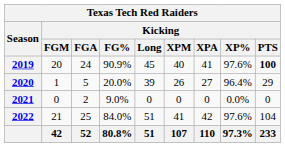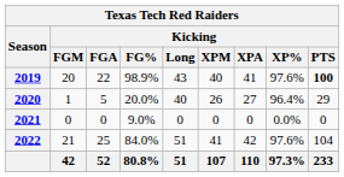 <table class="wikitable" style="text-align:center;">
 <tr>
 <th colspan="9">Texas Tech Red Raiders</th>
 </tr>
 <tr>
 <th rowspan="2">Season</th>
 <th colspan="8">Kicking</th>
 </tr>
 <tr>
 <th>FGM</th>
 <th>FGA</th>
 <th>FG%</th>
 <th>Long</th>
 <th>XPM</th>
 <th>XPA</th>
 <th>XP%</th>
 <th>PTS</th>
 </tr>
 <tr>
 <th><a href='#'>2019</a></th>
 <td>20</td>
-<td>24</td>
-<td>90.9%</td>
-<td>45</td>
+<td>22</td>
+<td>98.9%</td>
+<td>43</td>
 <td>40</td>
 <td>41</td>
 <td>97.6%</td>
 <td><strong>100</strong></td>
 </tr>
 <tr>
 <th><a href='#'>2020</a></th>
 <td>1</td>
 <td>5</td>
 <td>20.0%</td>
-<td>39</td>
+<td>40</td>
 <td>26</td>
 <td>27</td>
 <td>96.4%</td>
 <td>29</td>
 </tr>
 <tr>
 <th><a href='#'>2021</a></th>
 <td>0</td>
-<td>2</td>
+<td>0</td>
 <td>9.0%</td>
 <td>0</td>
 <td>0</td>
 <td>0</td>
 <td>0.0%</td>
 <td>0</td>
 </tr>
 <tr>
 <th><a href='#'>2022</a></th>
 <td>21</td>
 <td>25</td>
 <td>84.0%</td>
 <td>51</td>
 <td>41</td>
 <td>42</td>
 <td>97.6%</td>
 <td>104</td>
 </tr>
 <tr>
 <th></th>
 <th>42</th>
 <th>52</th>
 <th>80.8%</th>
 <th>51</th>
 <th>107</th>
 <th>110</th>
 <th>97.3%</th>
 <th>233</th>
 </tr>
 </table>
